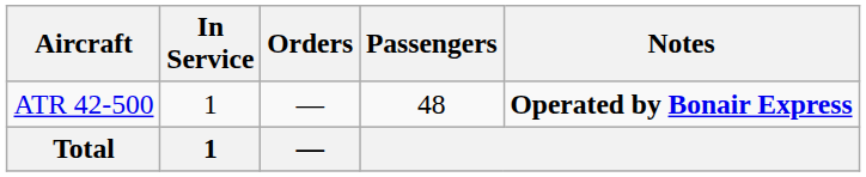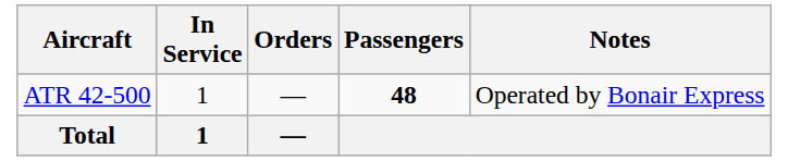 <table class="wikitable" style="margin:0.5em auto; text-align:center">
 <tr>
 <th>Aircraft</th>
 <th>In <br> Service</th>
 <th>Orders</th>
 <th>Passengers</th>
 <th>Notes</th>
 </tr>
 <tr>
 <td><a href='#'>ATR 42-500</a></td>
 <td>1</td>
 <td>—</td>
-<td>48</td>
-<td><strong>Operated by <a href='#'>Bonair Express</a></strong></td>
+<td><strong>48</strong></td>
+<td>Operated by <a href='#'>Bonair Express</a></td>
 </tr>
 <tr>
 <th>Total</th>
 <th>1</th>
 <th>—</th>
 <th colspan=5></th>
 </tr>
 </table>
